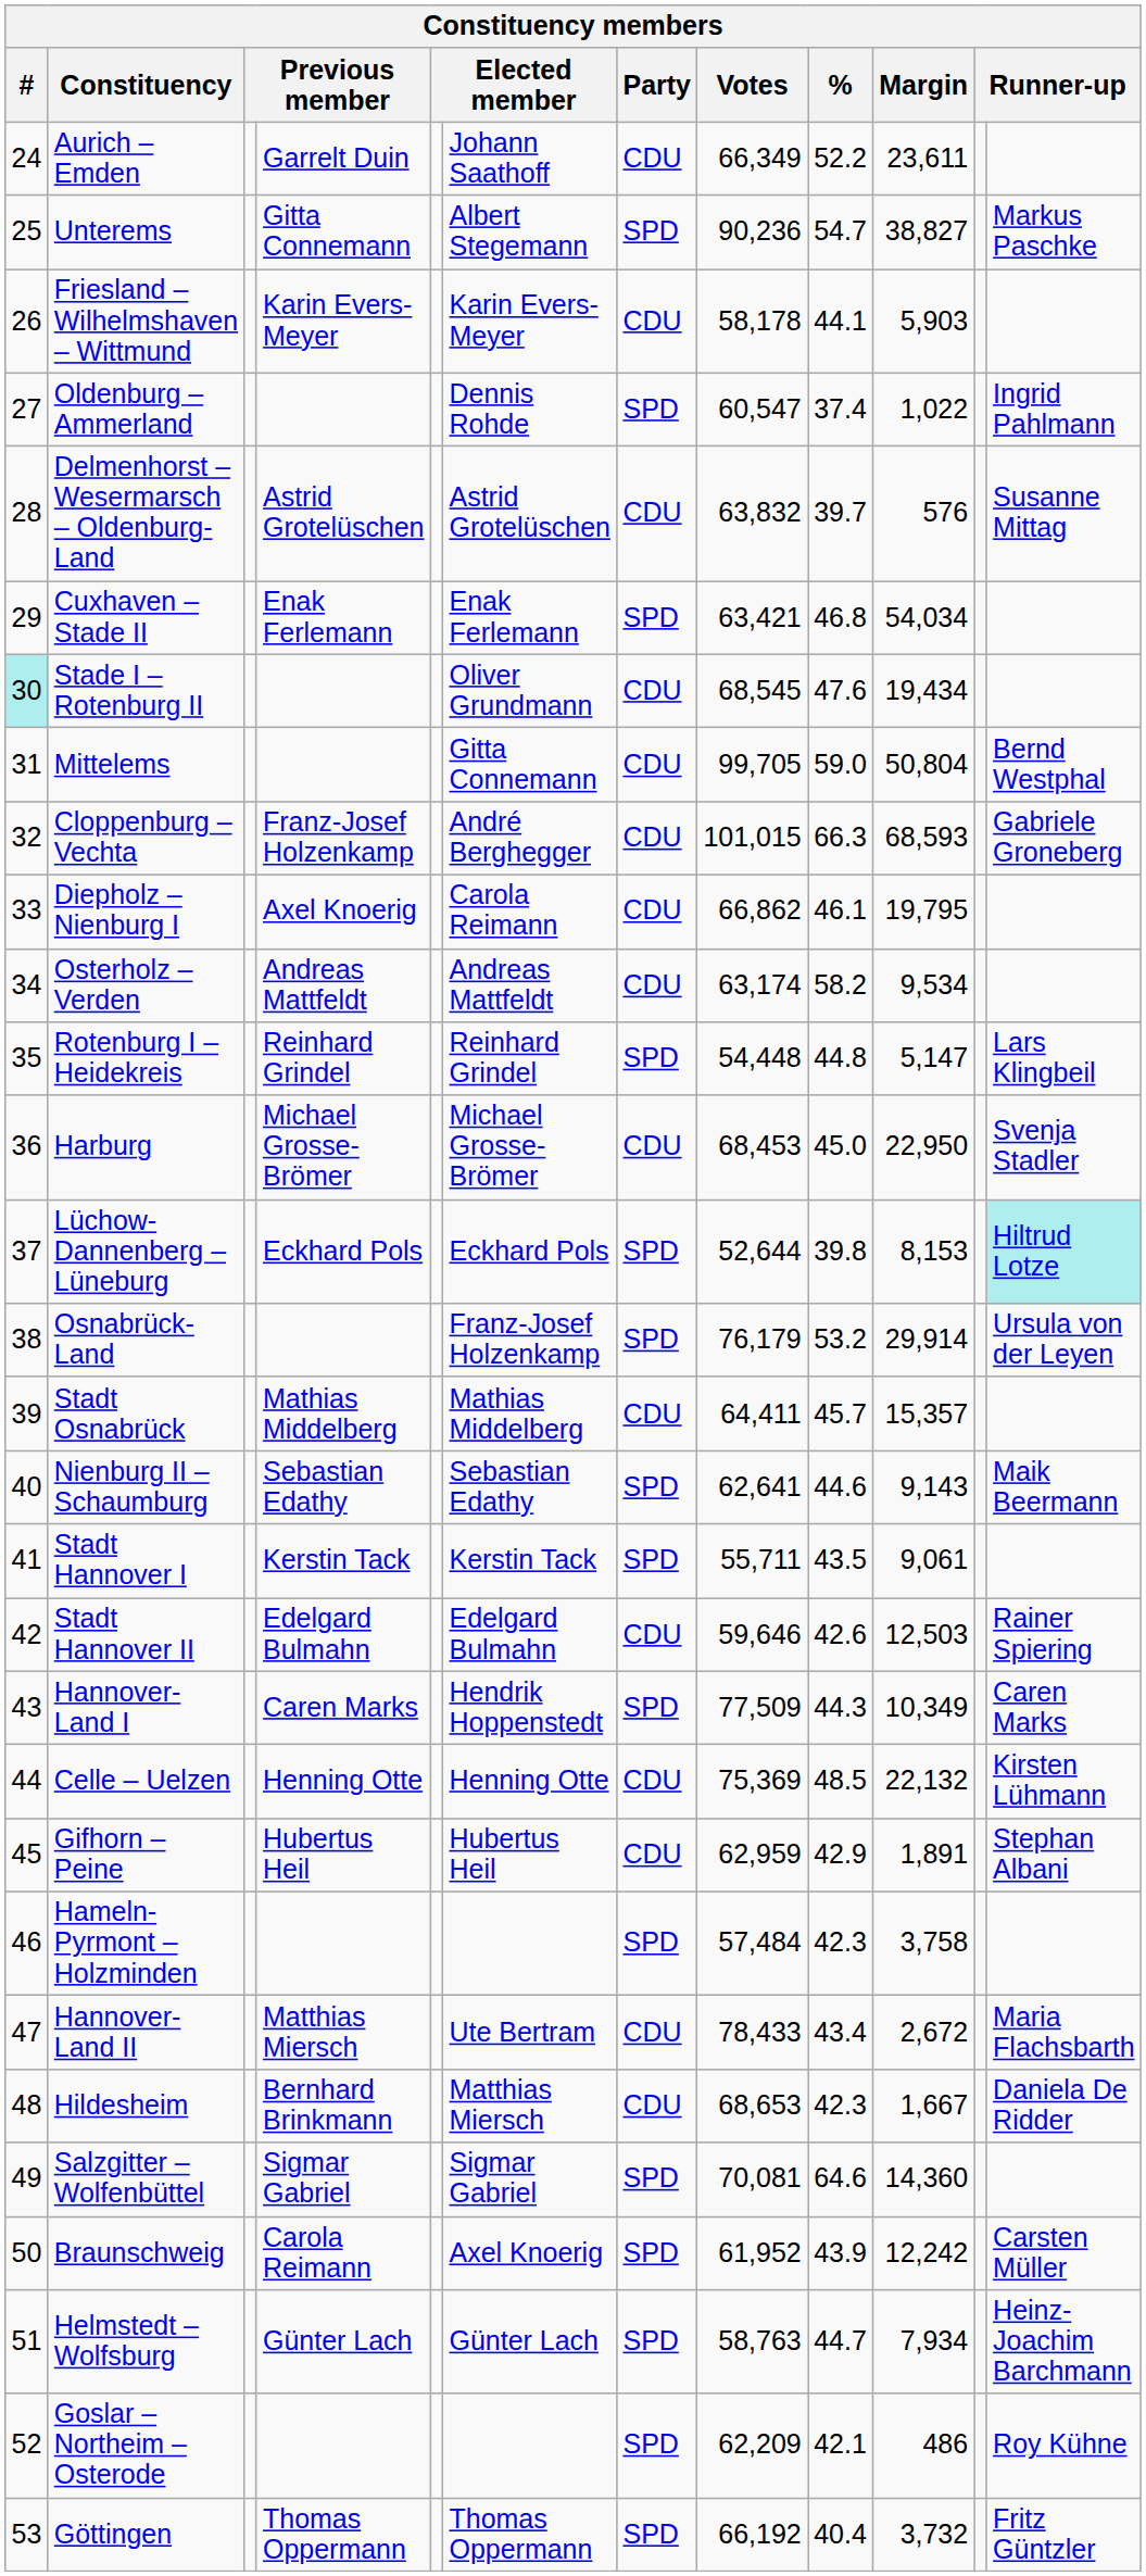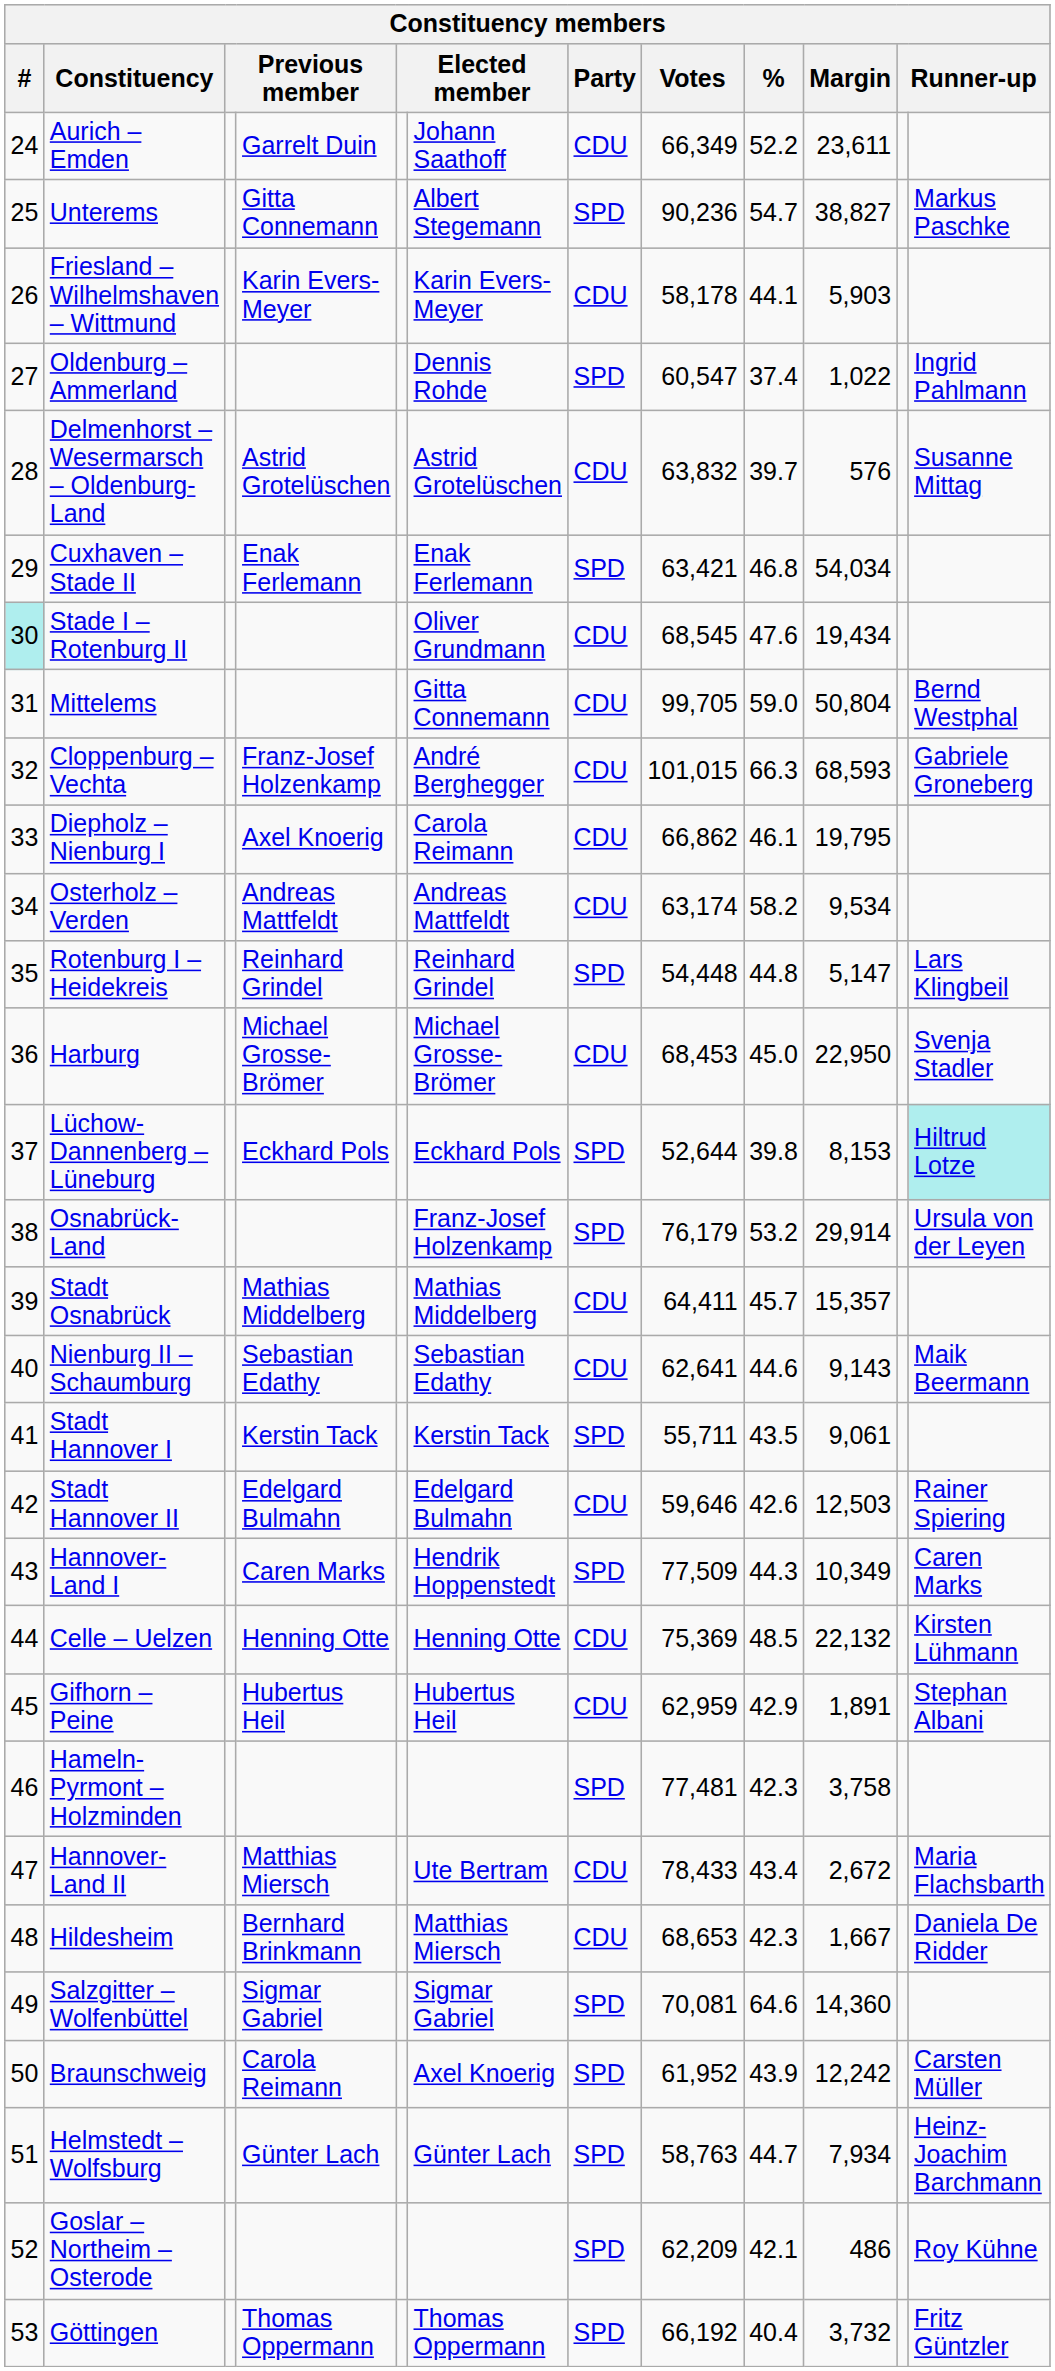 <table class="wikitable sortable" style="text-align:right">
 <tr>
 <th colspan="12">Constituency members</th>
 </tr>
 <tr>
 <th>#</th>
 <th>Constituency</th>
 <th colspan="2">Previous member</th>
 <th colspan="2">Elected member</th>
 <th>Party</th>
 <th>Votes</th>
 <th>%</th>
 <th>Margin</th>
 <th colspan="2">Runner-up</th>
 </tr>
 <tr>
 <td>24</td>
 <td align=left><a href='#'>Aurich – Emden</a></td>
 <td bgcolor=></td>
 <td align=left><a href='#'>Garrelt Duin</a></td>
 <td bgcolor=></td>
 <td align=left><a href='#'>Johann Saathoff</a></td>
 <td align="left"><a href='#'>CDU</a></td>
 <td>66,349</td>
 <td>52.2</td>
 <td>23,611</td>
 <td bgcolor=></td>
 <td align=left></td>
 </tr>
 <tr>
 <td>25</td>
 <td align=left><a href='#'>Unterems</a></td>
 <td bgcolor=></td>
 <td align=left><a href='#'>Gitta Connemann</a></td>
 <td bgcolor=></td>
 <td align=left><a href='#'>Albert Stegemann</a></td>
 <td align=left><a href='#'>SPD</a></td>
 <td>90,236</td>
 <td>54.7</td>
 <td>38,827</td>
 <td bgcolor=></td>
 <td align=left><a href='#'>Markus Paschke</a></td>
 </tr>
 <tr>
 <td>26</td>
 <td align=left><a href='#'>Friesland – Wilhelmshaven – Wittmund</a></td>
 <td bgcolor=></td>
 <td align=left><a href='#'>Karin Evers-Meyer</a></td>
 <td bgcolor=></td>
 <td align=left><a href='#'>Karin Evers-Meyer</a></td>
 <td align=left><a href='#'>CDU</a></td>
 <td>58,178</td>
 <td>44.1</td>
 <td>5,903</td>
 <td bgcolor=></td>
 <td align=left></td>
 </tr>
 <tr>
 <td>27</td>
 <td align=left><a href='#'>Oldenburg – Ammerland</a></td>
 <td bgcolor=></td>
 <td align=left></td>
 <td></td>
 <td align=left><a href='#'>Dennis Rohde</a></td>
 <td align=left><a href='#'>SPD</a></td>
 <td>60,547</td>
 <td>37.4</td>
 <td>1,022</td>
 <td bgcolor=></td>
 <td align=left><a href='#'>Ingrid Pahlmann</a></td>
 </tr>
 <tr>
 <td>28</td>
 <td align=left><a href='#'>Delmenhorst – Wesermarsch – Oldenburg-Land</a></td>
 <td bgcolor=></td>
 <td align=left><a href='#'>Astrid Grotelüschen</a></td>
 <td bgcolor=></td>
 <td align=left><a href='#'>Astrid Grotelüschen</a></td>
 <td align=left><a href='#'>CDU</a></td>
 <td>63,832</td>
 <td>39.7</td>
 <td>576</td>
 <td bgcolor=></td>
 <td align=left><a href='#'>Susanne Mittag</a></td>
 </tr>
 <tr>
 <td>29</td>
 <td align=left><a href='#'>Cuxhaven – Stade II</a></td>
 <td bgcolor=></td>
 <td align=left><a href='#'>Enak Ferlemann</a></td>
 <td bgcolor=></td>
 <td align=left><a href='#'>Enak Ferlemann</a></td>
 <td align=left><a href='#'>SPD</a></td>
 <td>63,421</td>
 <td>46.8</td>
 <td>54,034</td>
 <td bgcolor=></td>
 <td align=left></td>
 </tr>
 <tr>
 <td style="background: paleturquoise;">30</td>
 <td align=left><a href='#'>Stade I – Rotenburg II</a></td>
 <td bgcolor=></td>
 <td align=left></td>
 <td></td>
 <td align=left><a href='#'>Oliver Grundmann</a></td>
 <td align=left><a href='#'>CDU</a></td>
 <td>68,545</td>
 <td>47.6</td>
 <td>19,434</td>
 <td bgcolor=></td>
 <td align=left></td>
 </tr>
 <tr>
 <td>31</td>
 <td align=left><a href='#'>Mittelems</a></td>
 <td bgcolor=></td>
 <td align=left></td>
 <td></td>
 <td align=left><a href='#'>Gitta Connemann</a></td>
 <td align=left><a href='#'>CDU</a></td>
 <td>99,705</td>
 <td>59.0</td>
 <td>50,804</td>
 <td bgcolor=></td>
 <td align=left><a href='#'>Bernd Westphal</a></td>
 </tr>
 <tr>
 <td>32</td>
 <td align=left><a href='#'>Cloppenburg – Vechta</a></td>
 <td bgcolor=></td>
 <td align=left><a href='#'>Franz-Josef Holzenkamp</a></td>
 <td bgcolor=></td>
 <td align=left><a href='#'>André Berghegger</a></td>
 <td align=left><a href='#'>CDU</a></td>
 <td>101,015</td>
 <td>66.3</td>
 <td>68,593</td>
 <td bgcolor=></td>
 <td align=left><a href='#'>Gabriele Groneberg</a></td>
 </tr>
 <tr>
 <td>33</td>
 <td align=left><a href='#'>Diepholz – Nienburg I</a></td>
 <td bgcolor=></td>
 <td align=left><a href='#'>Axel Knoerig</a></td>
 <td bgcolor=></td>
 <td align=left><a href='#'>Carola Reimann</a></td>
 <td align=left><a href='#'>CDU</a></td>
 <td>66,862</td>
 <td>46.1</td>
 <td>19,795</td>
 <td bgcolor=></td>
 <td align=left></td>
 </tr>
 <tr>
 <td>34</td>
 <td align=left><a href='#'>Osterholz – Verden</a></td>
 <td bgcolor=></td>
 <td align=left><a href='#'>Andreas Mattfeldt</a></td>
 <td bgcolor=></td>
 <td align=left><a href='#'>Andreas Mattfeldt</a></td>
 <td align=left><a href='#'>CDU</a></td>
 <td>63,174</td>
 <td>58.2</td>
 <td>9,534</td>
 <td bgcolor=></td>
 <td align=left></td>
 </tr>
 <tr>
 <td>35</td>
 <td align=left><a href='#'>Rotenburg I – Heidekreis</a></td>
 <td bgcolor=></td>
 <td align=left><a href='#'>Reinhard Grindel</a></td>
 <td bgcolor=></td>
 <td align=left><a href='#'>Reinhard Grindel</a></td>
 <td align=left><a href='#'>SPD</a></td>
 <td>54,448</td>
 <td>44.8</td>
 <td>5,147</td>
 <td bgcolor=></td>
 <td align=left><a href='#'>Lars Klingbeil</a></td>
 </tr>
 <tr>
 <td>36</td>
 <td align=left><a href='#'>Harburg</a></td>
 <td bgcolor=></td>
 <td align=left><a href='#'>Michael Grosse-Brömer</a></td>
 <td bgcolor=></td>
 <td align=left><a href='#'>Michael Grosse-Brömer</a></td>
 <td align=left><a href='#'>CDU</a></td>
 <td>68,453</td>
 <td>45.0</td>
 <td>22,950</td>
 <td bgcolor=></td>
 <td align=left><a href='#'>Svenja Stadler</a></td>
 </tr>
 <tr>
 <td>37</td>
 <td align=left><a href='#'>Lüchow-Dannenberg – Lüneburg</a></td>
 <td bgcolor=></td>
 <td align=left><a href='#'>Eckhard Pols</a></td>
 <td bgcolor=></td>
 <td align=left><a href='#'>Eckhard Pols</a></td>
 <td align=left><a href='#'>SPD</a></td>
 <td>52,644</td>
 <td>39.8</td>
 <td>8,153</td>
 <td bgcolor=></td>
 <td align=left style="background: paleturquoise;"><a href='#'>Hiltrud Lotze</a></td>
 </tr>
 <tr>
 <td>38</td>
 <td align=left><a href='#'>Osnabrück-Land</a></td>
 <td bgcolor=></td>
 <td align=left></td>
 <td></td>
 <td align=left><a href='#'>Franz-Josef Holzenkamp</a></td>
 <td align=left><a href='#'>SPD</a></td>
 <td>76,179</td>
 <td>53.2</td>
 <td>29,914</td>
 <td bgcolor=></td>
 <td align=left><a href='#'>Ursula von der Leyen</a></td>
 </tr>
 <tr>
 <td>39</td>
 <td align=left><a href='#'>Stadt Osnabrück</a></td>
 <td bgcolor=></td>
 <td align=left><a href='#'>Mathias Middelberg</a></td>
 <td bgcolor=></td>
 <td align=left><a href='#'>Mathias Middelberg</a></td>
 <td align=left><a href='#'>CDU</a></td>
 <td>64,411</td>
 <td>45.7</td>
 <td>15,357</td>
 <td bgcolor=></td>
 <td align=left></td>
 </tr>
 <tr>
 <td>40</td>
 <td align=left><a href='#'>Nienburg II – Schaumburg</a></td>
 <td bgcolor=></td>
 <td align=left><a href='#'>Sebastian Edathy</a></td>
 <td bgcolor=></td>
 <td align=left><a href='#'>Sebastian Edathy</a></td>
-<td align=left><a href='#'>SPD</a></td>
+<td align=left><a href='#'>CDU</a></td>
 <td>62,641</td>
 <td>44.6</td>
 <td>9,143</td>
 <td bgcolor=></td>
 <td align=left><a href='#'>Maik Beermann</a></td>
 </tr>
 <tr>
 <td>41</td>
 <td align=left><a href='#'>Stadt Hannover I</a></td>
 <td bgcolor=></td>
 <td align=left><a href='#'>Kerstin Tack</a></td>
 <td bgcolor=></td>
 <td align=left><a href='#'>Kerstin Tack</a></td>
 <td align=left><a href='#'>SPD</a></td>
 <td>55,711</td>
 <td>43.5</td>
 <td>9,061</td>
 <td bgcolor=></td>
 <td align=left></td>
 </tr>
 <tr>
 <td>42</td>
 <td align=left><a href='#'>Stadt Hannover II</a></td>
 <td bgcolor=></td>
 <td align=left><a href='#'>Edelgard Bulmahn</a></td>
 <td bgcolor=></td>
 <td align=left><a href='#'>Edelgard Bulmahn</a></td>
 <td align=left><a href='#'>CDU</a></td>
 <td>59,646</td>
 <td>42.6</td>
 <td>12,503</td>
 <td bgcolor=></td>
 <td align=left><a href='#'>Rainer Spiering</a></td>
 </tr>
 <tr>
 <td>43</td>
 <td align=left><a href='#'>Hannover-Land I</a></td>
 <td bgcolor=></td>
 <td align=left><a href='#'>Caren Marks</a></td>
 <td bgcolor=></td>
 <td align=left><a href='#'>Hendrik Hoppenstedt</a></td>
 <td align=left><a href='#'>SPD</a></td>
 <td>77,509</td>
 <td>44.3</td>
 <td>10,349</td>
 <td bgcolor=></td>
 <td align=left><a href='#'>Caren Marks</a></td>
 </tr>
 <tr>
 <td>44</td>
 <td align=left><a href='#'>Celle – Uelzen</a></td>
 <td bgcolor=></td>
 <td align=left><a href='#'>Henning Otte</a></td>
 <td bgcolor=></td>
 <td align=left><a href='#'>Henning Otte</a></td>
 <td align=left><a href='#'>CDU</a></td>
 <td>75,369</td>
 <td>48.5</td>
 <td>22,132</td>
 <td bgcolor=></td>
 <td align=left><a href='#'>Kirsten Lühmann</a></td>
 </tr>
 <tr>
 <td>45</td>
 <td align=left><a href='#'>Gifhorn – Peine</a></td>
 <td bgcolor=></td>
 <td align=left><a href='#'>Hubertus Heil</a></td>
 <td bgcolor=></td>
 <td align=left><a href='#'>Hubertus Heil</a></td>
 <td align=left><a href='#'>CDU</a></td>
 <td>62,959</td>
 <td>42.9</td>
 <td>1,891</td>
 <td bgcolor=></td>
 <td align=left><a href='#'>Stephan Albani</a></td>
 </tr>
 <tr>
 <td>46</td>
 <td align=left><a href='#'>Hameln-Pyrmont – Holzminden</a></td>
 <td bgcolor=></td>
 <td align=left></td>
 <td></td>
 <td align=left></td>
 <td align="left"><a href='#'>SPD</a></td>
-<td>57,484</td>
+<td>77,481</td>
 <td>42.3</td>
 <td>3,758</td>
 <td bgcolor=></td>
 <td align=left></td>
 </tr>
 <tr>
 <td>47</td>
 <td align=left><a href='#'>Hannover-Land II</a></td>
 <td bgcolor=></td>
 <td align=left><a href='#'>Matthias Miersch</a></td>
 <td bgcolor=></td>
 <td align=left><a href='#'>Ute Bertram</a></td>
 <td align=left><a href='#'>CDU</a></td>
 <td>78,433</td>
 <td>43.4</td>
 <td>2,672</td>
 <td bgcolor=></td>
 <td align=left><a href='#'>Maria Flachsbarth</a></td>
 </tr>
 <tr>
 <td>48</td>
 <td align=left><a href='#'>Hildesheim</a></td>
 <td bgcolor=></td>
 <td align=left><a href='#'>Bernhard Brinkmann</a></td>
 <td bgcolor=></td>
 <td align=left><a href='#'>Matthias Miersch</a></td>
 <td align=left><a href='#'>CDU</a></td>
 <td>68,653</td>
 <td>42.3</td>
 <td>1,667</td>
 <td bgcolor=></td>
 <td align=left><a href='#'>Daniela De Ridder</a></td>
 </tr>
 <tr>
 <td>49</td>
 <td align=left><a href='#'>Salzgitter – Wolfenbüttel</a></td>
 <td bgcolor=></td>
 <td align=left><a href='#'>Sigmar Gabriel</a></td>
 <td bgcolor=></td>
 <td align=left><a href='#'>Sigmar Gabriel</a></td>
 <td align=left><a href='#'>SPD</a></td>
 <td>70,081</td>
 <td>64.6</td>
 <td>14,360</td>
 <td bgcolor=></td>
 <td align=left></td>
 </tr>
 <tr>
 <td>50</td>
 <td align=left><a href='#'>Braunschweig</a></td>
 <td bgcolor=></td>
 <td align=left><a href='#'>Carola Reimann</a></td>
 <td bgcolor=></td>
 <td align=left><a href='#'>Axel Knoerig</a></td>
 <td align=left><a href='#'>SPD</a></td>
 <td>61,952</td>
 <td>43.9</td>
 <td>12,242</td>
 <td bgcolor=></td>
 <td align=left><a href='#'>Carsten Müller</a></td>
 </tr>
 <tr>
 <td>51</td>
 <td align=left><a href='#'>Helmstedt – Wolfsburg</a></td>
 <td bgcolor=></td>
 <td align=left><a href='#'>Günter Lach</a></td>
 <td></td>
 <td align=left><a href='#'>Günter Lach</a></td>
 <td align=left><a href='#'>SPD</a></td>
 <td>58,763</td>
 <td>44.7</td>
 <td>7,934</td>
 <td bgcolor=></td>
 <td align=left><a href='#'>Heinz-Joachim Barchmann</a></td>
 </tr>
 <tr>
 <td>52</td>
 <td align=left><a href='#'>Goslar – Northeim – Osterode</a></td>
 <td bgcolor=></td>
 <td align=left></td>
 <td></td>
 <td align=left></td>
 <td align="left"><a href='#'>SPD</a></td>
 <td>62,209</td>
 <td>42.1</td>
 <td>486</td>
 <td bgcolor=></td>
 <td align=left><a href='#'>Roy Kühne</a></td>
 </tr>
 <tr>
 <td>53</td>
 <td align=left><a href='#'>Göttingen</a></td>
 <td bgcolor=></td>
 <td align=left><a href='#'>Thomas Oppermann</a></td>
 <td bgcolor=></td>
 <td align=left><a href='#'>Thomas Oppermann</a></td>
 <td align=left><a href='#'>SPD</a></td>
 <td>66,192</td>
 <td>40.4</td>
 <td>3,732</td>
 <td bgcolor=></td>
 <td align=left><a href='#'>Fritz Güntzler</a></td>
 </tr>
 </table>
